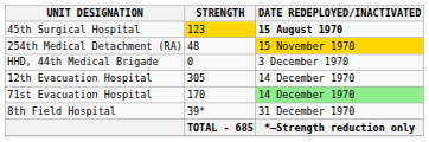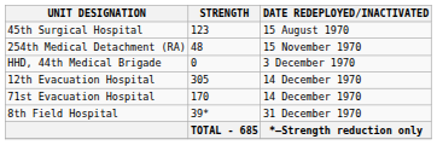 <table class="wikitable">
 <tr>
 <th>UNIT DESIGNATION</th>
 <th>STRENGTH</th>
 <th>DATE REDEPLOYED/INACTIVATED</th>
 </tr>
 <tr>
 <td>45th Surgical Hospital</td>
-<td style="background: gold;">123</td>
-<td><strong>15 August 1970</strong></td>
+<td>123</td>
+<td>15 August 1970</td>
 </tr>
 <tr>
 <td>254th Medical Detachment (RA)</td>
 <td>48</td>
-<td style="background: gold;">15 November 1970</td>
+<td>15 November 1970</td>
 </tr>
 <tr>
 <td>HHD, 44th Medical Brigade</td>
 <td>0</td>
 <td>3 December 1970</td>
 </tr>
 <tr>
 <td>12th Evacuation Hospital</td>
 <td>305</td>
 <td>14 December 1970</td>
 </tr>
 <tr>
 <td>71st Evacuation Hospital</td>
 <td>170</td>
-<td style="background: lightgreen;">14 December 1970</td>
+<td>14 December 1970</td>
 </tr>
 <tr>
 <td>8th Field Hospital</td>
 <td>39*</td>
 <td>31 December 1970</td>
 </tr>
 <tr>
 <th></th>
 <th>TOTAL - 685</th>
 <th>*—Strength reduction only</th>
 </tr>
 <tr>
 </tr>
 </table>
